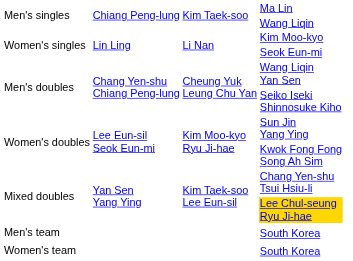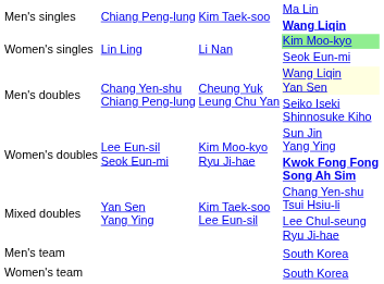 <table>
 <tr>
 <td rowspan=2>Men's singles <br></td>
 <td rowspan=2> <a href='#'>Chiang Peng-lung</a></td>
 <td rowspan=2> <a href='#'>Kim Taek-soo</a></td>
 <td> <a href='#'>Ma Lin</a></td>
 </tr>
 <tr>
-<td> <a href='#'>Wang Liqin</a></td>
+<td><strong> <a href='#'>Wang Liqin</a></strong></td>
 </tr>
 <tr>
 <td rowspan=2>Women's singles <br></td>
 <td rowspan=2> <a href='#'>Lin Ling</a></td>
 <td rowspan=2> <a href='#'>Li Nan</a></td>
-<td> <a href='#'>Kim Moo-kyo</a></td>
+<td style="background: lightgreen;"> <a href='#'>Kim Moo-kyo</a></td>
 </tr>
 <tr>
 <td> <a href='#'>Seok Eun-mi</a></td>
 </tr>
 <tr>
 <td rowspan=2>Men's doubles <br></td>
 <td rowspan=2> <a href='#'>Chang Yen-shu</a><br> <a href='#'>Chiang Peng-lung</a></td>
 <td rowspan=2> <a href='#'>Cheung Yuk</a><br> <a href='#'>Leung Chu Yan</a></td>
-<td> <a href='#'>Wang Liqin</a><br> <a href='#'>Yan Sen</a></td>
+<td style="background: lightyellow;"> <a href='#'>Wang Liqin</a><br> <a href='#'>Yan Sen</a></td>
 </tr>
 <tr>
 <td> <a href='#'>Seiko Iseki</a><br> <a href='#'>Shinnosuke Kiho</a></td>
 </tr>
 <tr>
 <td rowspan=2>Women's doubles <br></td>
 <td rowspan=2> <a href='#'>Lee Eun-sil</a><br> <a href='#'>Seok Eun-mi</a></td>
 <td rowspan=2> <a href='#'>Kim Moo-kyo</a><br> <a href='#'>Ryu Ji-hae</a></td>
 <td> <a href='#'>Sun Jin</a><br>  <a href='#'>Yang Ying</a></td>
 </tr>
 <tr>
-<td> <a href='#'>Kwok Fong Fong</a><br> <a href='#'>Song Ah Sim</a></td>
+<td><strong> <a href='#'>Kwok Fong Fong</a><br> <a href='#'>Song Ah Sim</a></strong></td>
 </tr>
 <tr>
 <td rowspan=2>Mixed doubles <br></td>
 <td rowspan=2> <a href='#'>Yan Sen</a><br> <a href='#'>Yang Ying</a></td>
 <td rowspan=2> <a href='#'>Kim Taek-soo</a><br> <a href='#'>Lee Eun-sil</a></td>
 <td> <a href='#'>Chang Yen-shu</a><br> <a href='#'>Tsui Hsiu-li</a></td>
 </tr>
 <tr>
-<td style="background: gold;"> <a href='#'>Lee Chul-seung</a><br> <a href='#'>Ryu Ji-hae</a></td>
+<td> <a href='#'>Lee Chul-seung</a><br> <a href='#'>Ryu Ji-hae</a></td>
 </tr>
 <tr>
 <td rowspan=2>Men's team <br></td>
 <td rowspan=2></td>
 <td rowspan=2></td>
 <td></td>
 </tr>
 <tr>
 <td> <a href='#'>South Korea</a></td>
 </tr>
 <tr>
 <td rowspan=2>Women's team <br></td>
 <td rowspan=2></td>
 <td rowspan=2></td>
 <td></td>
 </tr>
 <tr>
 <td> <a href='#'>South Korea</a></td>
 </tr>
 </table>
